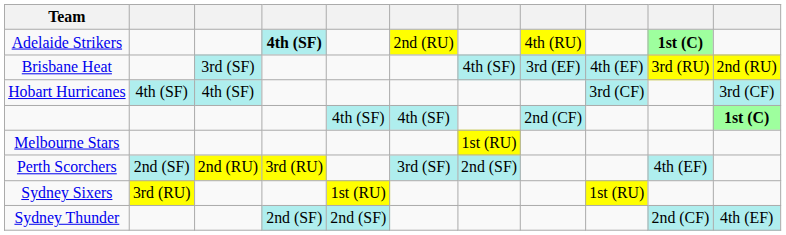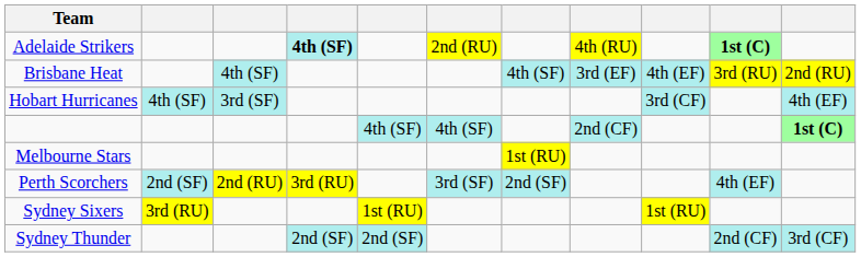 <table class="wikitable sortable" style="text-align: center;">
 <tr>
 <th>Team</th>
 <th></th>
 <th></th>
 <th></th>
 <th></th>
 <th></th>
 <th></th>
 <th></th>
 <th></th>
 <th></th>
 <th></th>
 </tr>
 <tr>
 <td style="align:center;"><a href='#'>Adelaide Strikers</a></td>
 <td></td>
 <td></td>
 <td style="background:#afeeee;"><strong>4th (SF)</strong></td>
 <td></td>
 <td style="background:yellow;">2nd (RU)</td>
 <td></td>
 <td style="background:yellow;">4th (RU)</td>
 <td></td>
 <td bgcolor="9EFF9E"><strong>1st (C)</strong></td>
 <td></td>
 </tr>
 <tr>
 <td style="align:center;"><a href='#'>Brisbane Heat</a></td>
 <td></td>
-<td style="background:#afeeee;">3rd (SF)</td>
+<td style="background:#afeeee;">4th (SF)</td>
 <td></td>
 <td></td>
 <td></td>
 <td style="background:#afeeee;">4th (SF)</td>
 <td style="background:#afeeee;">3rd (EF)</td>
 <td style="background:#afeeee;">4th (EF)</td>
 <td bgcolor="yellow">3rd (RU)</td>
 <td bgcolor="yellow">2nd (RU)</td>
 </tr>
 <tr>
 <td style="align:center;"><a href='#'>Hobart Hurricanes</a></td>
 <td style="background:#afeeee;">4th (SF)</td>
-<td style="background:#afeeee;">4th (SF)</td>
+<td style="background:#afeeee;">3rd (SF)</td>
 <td></td>
 <td></td>
 <td></td>
 <td></td>
 <td></td>
 <td style="background:#afeeee;">3rd (CF)</td>
 <td></td>
-<td style="background:#afeeee;">3rd (CF)</td>
+<td style="background:#afeeee;">4th (EF)</td>
 </tr>
 <tr>
 <td style="align:center;"></td>
 <td></td>
 <td></td>
 <td></td>
 <td style="background:#afeeee;">4th (SF)</td>
 <td style="background:#afeeee;">4th (SF)</td>
 <td></td>
 <td style="background:#afeeee;">2nd (CF)</td>
 <td></td>
 <td></td>
 <td bgcolor="9EFF9E"><strong>1st (C)</strong></td>
 </tr>
 <tr>
 <td style="align:center;"><a href='#'>Melbourne Stars</a></td>
 <td></td>
 <td></td>
 <td></td>
 <td></td>
 <td></td>
 <td style="background:yellow;">1st (RU)</td>
 <td></td>
 <td></td>
 <td></td>
 <td></td>
 </tr>
 <tr>
 <td style="align:center;"><a href='#'>Perth Scorchers</a></td>
 <td style="background:#afeeee;">2nd (SF)</td>
 <td style="background:yellow;">2nd (RU)</td>
 <td style="background:yellow;;">3rd (RU)</td>
 <td></td>
 <td style="background:#afeeee;">3rd (SF)</td>
 <td style="background:#afeeee;">2nd (SF)</td>
 <td></td>
 <td></td>
 <td style="background:#afeeee;">4th (EF)</td>
 <td></td>
 </tr>
 <tr>
 <td style="align:center;"><a href='#'>Sydney Sixers</a></td>
 <td style="background:yellow;">3rd (RU)</td>
 <td></td>
 <td></td>
 <td style="background:yellow;">1st (RU)</td>
 <td></td>
 <td></td>
 <td></td>
 <td style="background:yellow;">1st (RU)</td>
 <td></td>
 <td></td>
 </tr>
 <tr>
 <td style="align:center;"><a href='#'>Sydney Thunder</a></td>
 <td></td>
 <td></td>
 <td style="background:#afeeee;">2nd (SF)</td>
 <td style="background:#afeeee;">2nd (SF)</td>
 <td></td>
 <td></td>
 <td></td>
 <td></td>
 <td style="background:#afeeee;">2nd (CF)</td>
-<td style="background:#afeeee;">4th (EF)</td>
+<td style="background:#afeeee;">3rd (CF)</td>
 </tr>
 </table>
